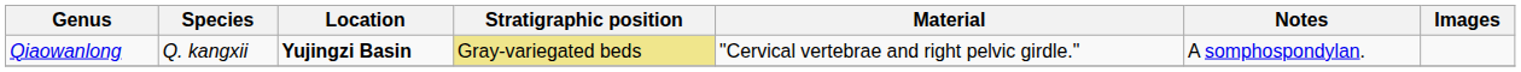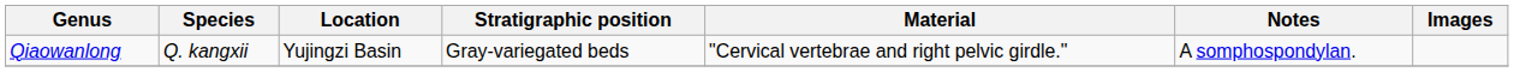 <table class="wikitable" align="center" width="100%">
 <tr>
 <th>Genus</th>
 <th>Species</th>
 <th>Location</th>
 <th>Stratigraphic position</th>
 <th>Material</th>
 <th>Notes</th>
 <th>Images</th>
 </tr>
 <tr>
 <td><em><a href='#'>Qiaowanlong</a></em></td>
 <td><em>Q. kangxii</em></td>
-<td><strong>Yujingzi Basin</strong></td>
-<td style="background: khaki;">Gray-variegated beds</td>
+<td>Yujingzi Basin</td>
+<td>Gray-variegated beds</td>
 <td>"Cervical vertebrae and right pelvic girdle."</td>
 <td>A <a href='#'>somphospondylan</a>.</td>
 <td></td>
 </tr>
 <tr>
 </tr>
 </table>
